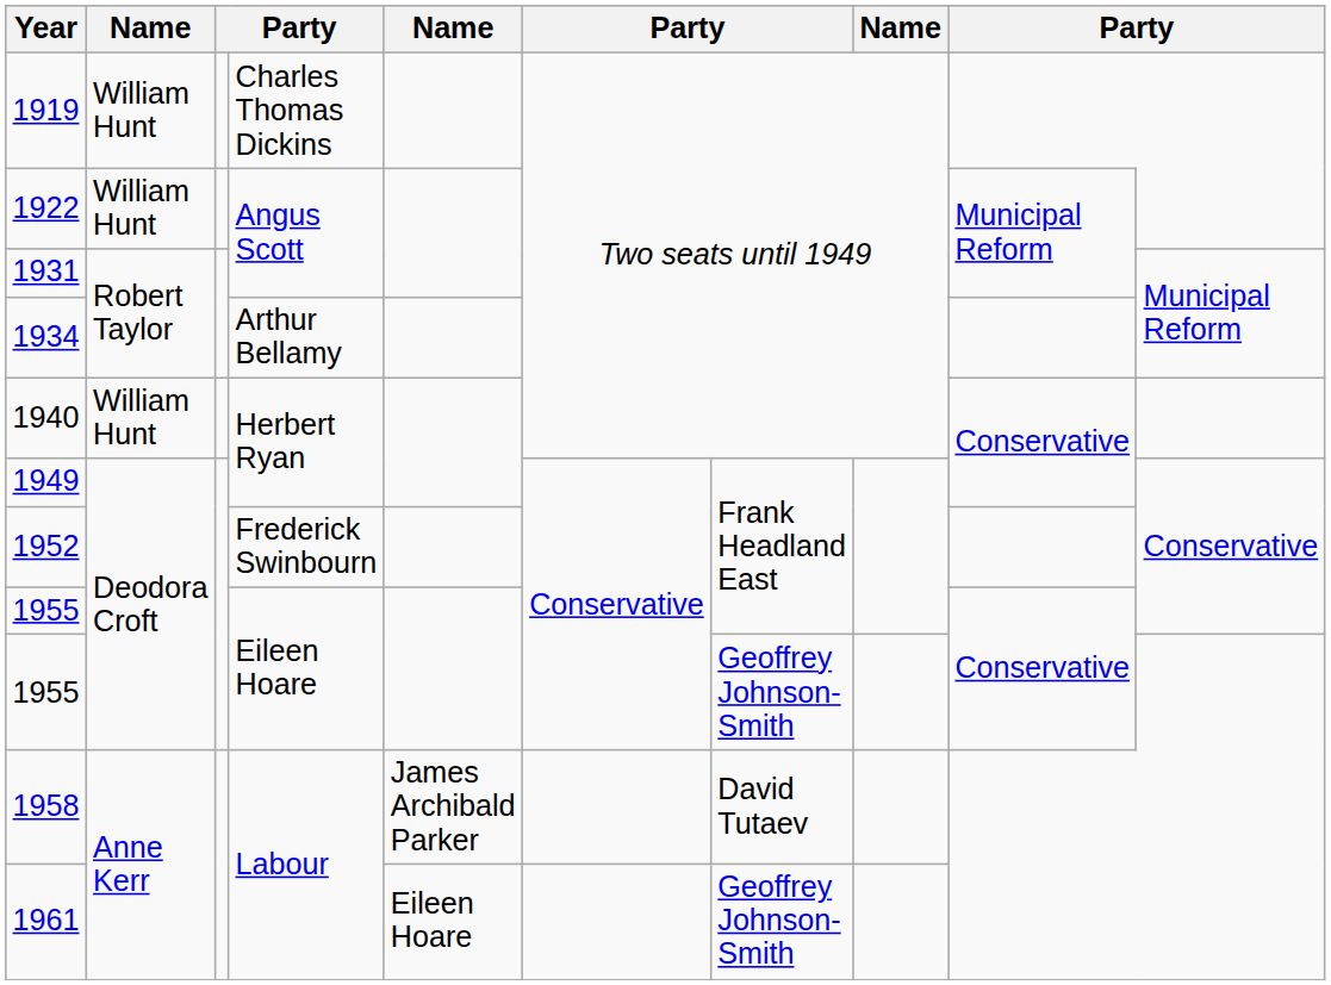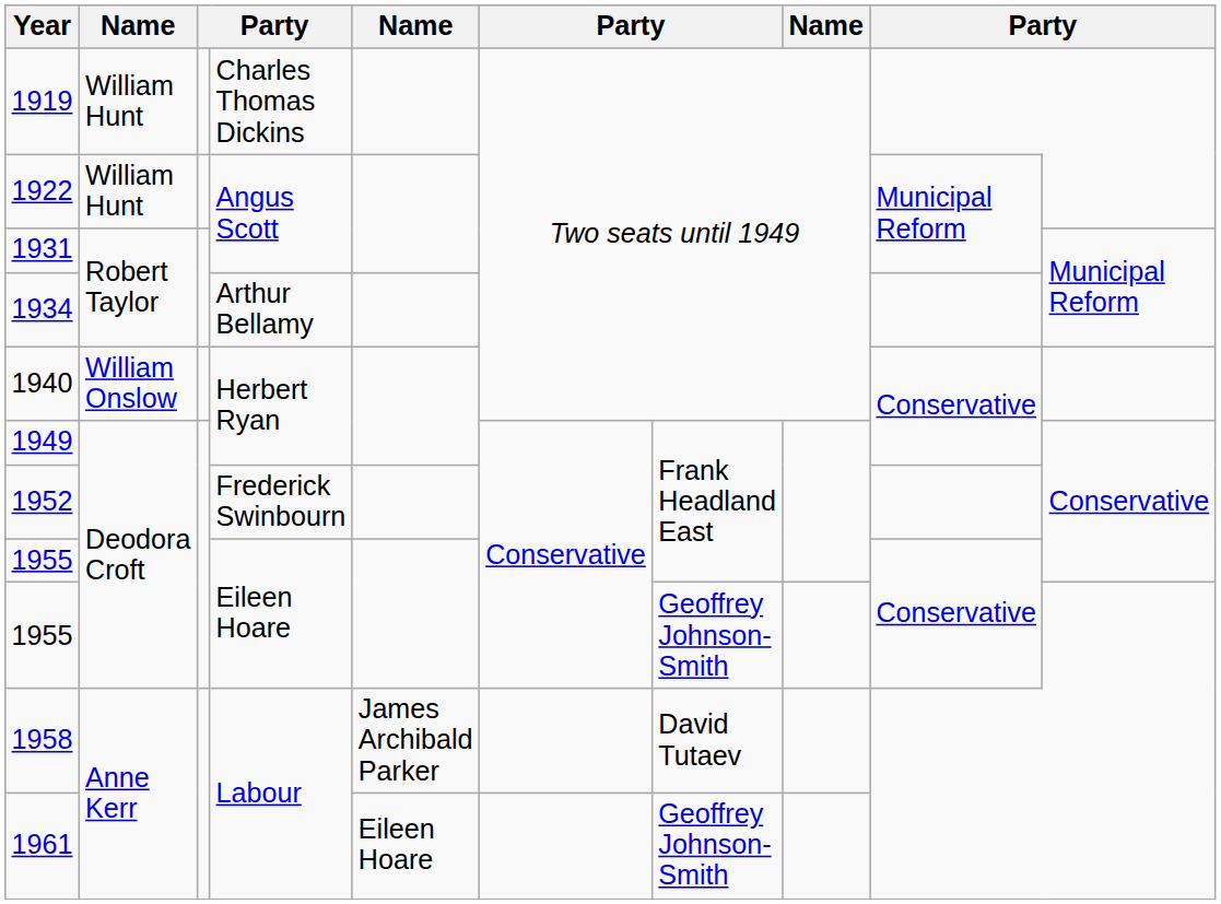 <table class="wikitable">
 <tr>
 <th>Year</th>
 <th>Name</th>
 <th colspan=2>Party</th>
 <th>Name</th>
 <th colspan=2>Party</th>
 <th>Name</th>
 <th colspan=2>Party</th>
 </tr>
 <tr>
 <td><a href='#'>1919</a></td>
 <td>William Hunt</td>
 <td></td>
 <td>Charles Thomas Dickins</td>
 <td></td>
 <td rowspan=5 colspan=3 align="center"><em>Two seats until 1949</em></td>
 </tr>
 <tr>
 <td><a href='#'>1922</a></td>
 <td>William Hunt</td>
 <td></td>
 <td rowspan=2><a href='#'>Angus Scott</a></td>
 <td rowspan=2 style="background-color: "></td>
 <td rowspan=2><a href='#'>Municipal Reform</a></td>
 </tr>
 <tr>
 <td><a href='#'>1931</a></td>
 <td rowspan=2>Robert Taylor</td>
 <td rowspan=2 style="background-color: "></td>
 <td rowspan=2><a href='#'>Municipal Reform</a></td>
 </tr>
 <tr>
 <td><a href='#'>1934</a></td>
 <td>Arthur Bellamy</td>
 <td></td>
 </tr>
 <tr>
 <td>1940</td>
-<td>William Hunt</td>
+<td><a href='#'>William Onslow</a></td>
 <td></td>
 <td rowspan=2>Herbert Ryan</td>
 <td rowspan=2 style="background-color: "></td>
 <td rowspan=2><a href='#'>Conservative</a></td>
 </tr>
 <tr>
 <td><a href='#'>1949</a></td>
 <td rowspan=4>Deodora Croft</td>
 <td rowspan=4 style="background-color: "></td>
 <td rowspan=4><a href='#'>Conservative</a></td>
 <td rowspan=3>Frank Headland East</td>
 <td rowspan=3 style="background-color: "></td>
 <td rowspan=3><a href='#'>Conservative</a></td>
 </tr>
 <tr>
 <td><a href='#'>1952</a></td>
 <td>Frederick Swinbourn</td>
 <td></td>
 </tr>
 <tr>
 <td><a href='#'>1955</a></td>
 <td rowspan=2>Eileen Hoare</td>
 <td rowspan=2 style="background-color: "></td>
 <td rowspan=2><a href='#'>Conservative</a></td>
 </tr>
 <tr>
 <td>1955</td>
 <td><a href='#'>Geoffrey Johnson-Smith</a></td>
 <td></td>
 </tr>
 <tr>
 <td><a href='#'>1958</a></td>
 <td rowspan=2><a href='#'>Anne Kerr</a></td>
 <td rowspan=2 style="background-color: "></td>
 <td rowspan=2><a href='#'>Labour</a></td>
 <td>James Archibald Parker</td>
 <td></td>
 <td>David Tutaev</td>
 <td></td>
 </tr>
 <tr>
 <td><a href='#'>1961</a></td>
 <td>Eileen Hoare</td>
 <td></td>
 <td><a href='#'>Geoffrey Johnson-Smith</a></td>
 <td></td>
 </tr>
 </table>
